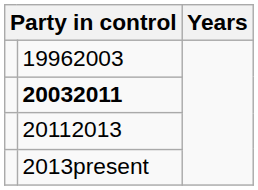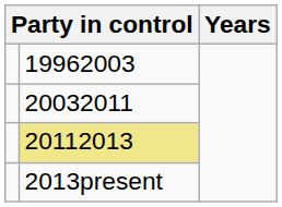 <table class="wikitable">
 <tr>
 <th colspan="2">Party in control</th>
 <th>Years</th>
 </tr>
 <tr>
 <td></td>
 <td>19962003</td>
 </tr>
 <tr>
 <td></td>
-<td><strong>20032011</strong></td>
+<td>20032011</td>
 </tr>
 <tr>
 <td></td>
-<td>20112013</td>
+<td style="background: khaki;">20112013</td>
 </tr>
 <tr>
 <td></td>
 <td>2013present</td>
 </tr>
 </table>
